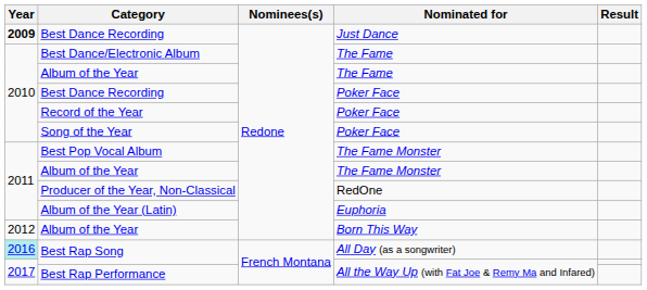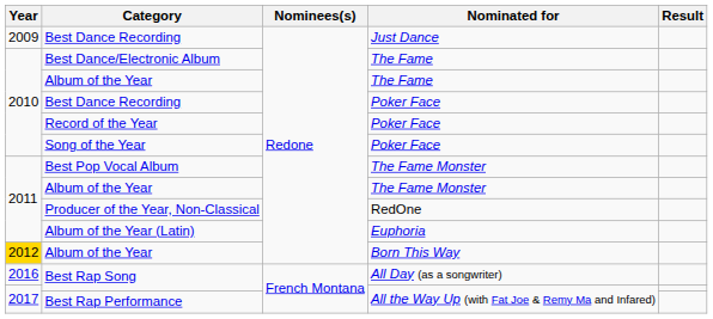 <table class="wikitable">
 <tr>
 <th>Year</th>
 <th>Category</th>
 <th>Nominees(s)</th>
 <th>Nominated for</th>
 <th>Result</th>
 </tr>
 <tr>
-<td><strong>2009</strong></td>
+<td>2009</td>
 <td><a href='#'>Best Dance Recording</a></td>
 <td rowspan="11"><a href='#'>Redone</a></td>
 <td><em><a href='#'>Just Dance</a></em></td>
 <td></td>
 </tr>
 <tr>
 <td rowspan="5">2010</td>
 <td><a href='#'>Best Dance/Electronic Album</a></td>
 <td><em><a href='#'>The Fame</a></em></td>
 <td></td>
 </tr>
 <tr>
 <td><a href='#'>Album of the Year</a></td>
 <td><em><a href='#'>The Fame</a></em></td>
 <td></td>
 </tr>
 <tr>
 <td><a href='#'>Best Dance Recording</a></td>
 <td><em><a href='#'>Poker Face</a></em></td>
 <td></td>
 </tr>
 <tr>
 <td><a href='#'>Record of the Year</a></td>
 <td><em><a href='#'>Poker Face</a></em></td>
 <td></td>
 </tr>
 <tr>
 <td><a href='#'>Song of the Year</a></td>
 <td><em><a href='#'>Poker Face</a></em></td>
 <td></td>
 </tr>
 <tr>
 <td rowspan="4">2011</td>
 <td><a href='#'>Best Pop Vocal Album</a></td>
 <td><em><a href='#'>The Fame Monster</a></em></td>
 <td></td>
 </tr>
 <tr>
 <td><a href='#'>Album of the Year</a></td>
 <td><em><a href='#'>The Fame Monster</a></em></td>
 <td></td>
 </tr>
 <tr>
 <td><a href='#'>Producer of the Year, Non-Classical</a></td>
 <td>RedOne </td>
 <td></td>
 </tr>
 <tr>
 <td><a href='#'>Album of the Year (Latin)</a></td>
 <td><em><a href='#'>Euphoria</a></em></td>
 <td></td>
 </tr>
 <tr>
-<td>2012</td>
+<td style="background: gold;">2012</td>
 <td><a href='#'>Album of the Year</a></td>
 <td><em><a href='#'>Born This Way</a></em></td>
 <td></td>
 </tr>
 <tr>
-<td style="background: paleturquoise;"><a href='#'>2016</a></td>
+<td><a href='#'>2016</a></td>
 <td rowspan="2"><a href='#'>Best Rap Song</a></td>
 <td rowspan="3"><a href='#'>French Montana</a></td>
 <td><em><a href='#'>All Day</a></em> <small>(as a songwriter)</small> </td>
 <td></td>
 </tr>
 <tr>
 <td rowspan="2"><a href='#'>2017</a></td>
 <td rowspan="2"><em><a href='#'>All the Way Up</a></em> <small>(with <a href='#'>Fat Joe</a> & <a href='#'>Remy Ma</a> and Infared)</small></td>
 <td></td>
 </tr>
 <tr>
 <td><a href='#'>Best Rap Performance</a></td>
 <td></td>
 </tr>
 </table>
